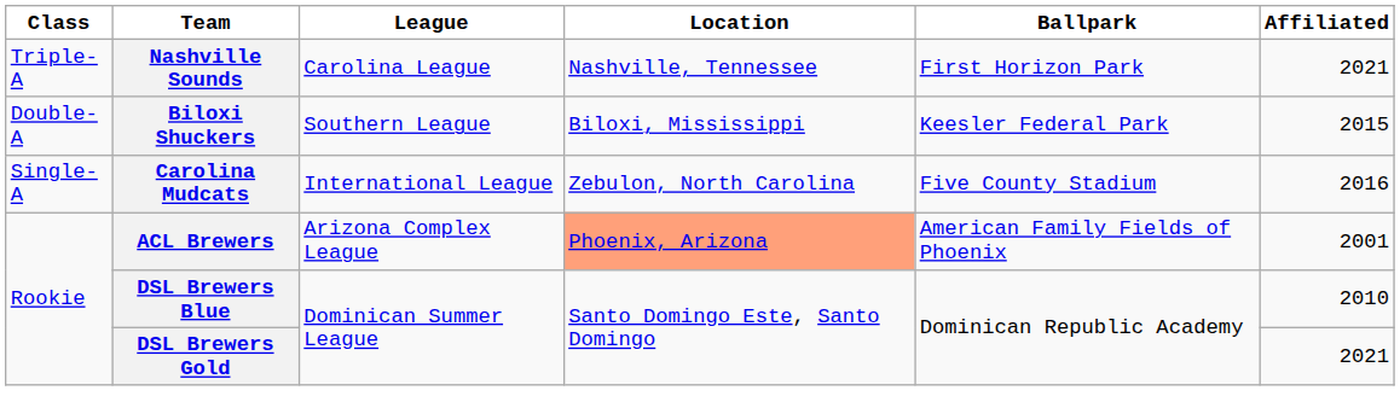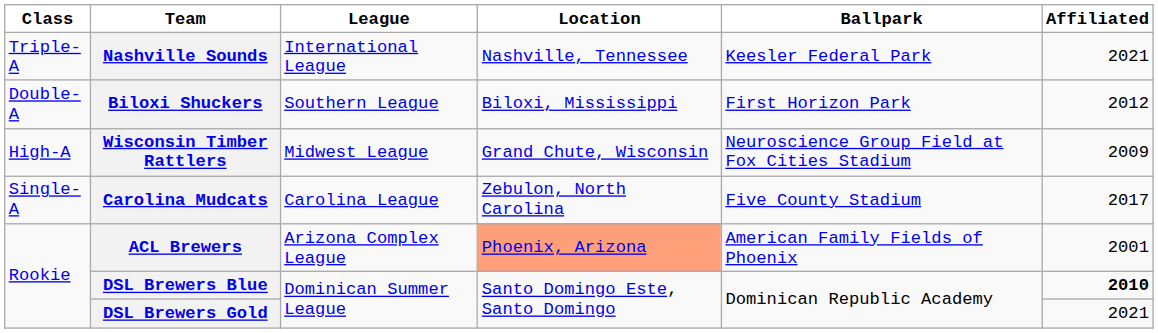 <table class="wikitable plainrowheaders sortable">
 <tr>
 <th scope="col" style="background-color:#ffffff; border-top:#">Class</th>
 <th scope="col" style="background-color:#ffffff; border-top:#">Team</th>
 <th scope="col" style="background-color:#ffffff; border-top:#">League</th>
 <th scope="col" style="background-color:#ffffff; border-top:#">Location</th>
 <th scope="col" style="background-color:#ffffff; border-top:#">Ballpark</th>
 <th scope="col" style="background-color:#ffffff; border-top:#">Affiliated</th>
 </tr>
 <tr>
 <td><a href='#'>Triple-A</a></td>
 <th scope="row"><a href='#'>Nashville Sounds</a></th>
-<td><a href='#'>Carolina League</a></td>
+<td><a href='#'>International League</a></td>
 <td><a href='#'>Nashville, Tennessee</a></td>
-<td><a href='#'>First Horizon Park</a></td>
+<td><a href='#'>Keesler Federal Park</a></td>
 <td align="right">2021</td>
 </tr>
 <tr>
 <td><a href='#'>Double-A</a></td>
 <th scope="row"><a href='#'>Biloxi Shuckers</a></th>
 <td><a href='#'>Southern League</a></td>
 <td><a href='#'>Biloxi, Mississippi</a></td>
-<td><a href='#'>Keesler Federal Park</a></td>
-<td align="right">2015</td>
+<td><a href='#'>First Horizon Park</a></td>
+<td align="right">2012</td>
+</tr>
+<tr>
+<td><a href='#'>High-A</a></td>
+<th scope="row"><a href='#'>Wisconsin Timber Rattlers</a></th>
+<td><a href='#'>Midwest League</a></td>
+<td><a href='#'>Grand Chute, Wisconsin</a></td>
+<td><a href='#'>Neuroscience Group Field at Fox Cities Stadium</a></td>
+<td align="right">2009</td>
 </tr>
 <tr>
 <td><a href='#'>Single-A</a></td>
 <th scope="row"><a href='#'>Carolina Mudcats</a></th>
-<td><a href='#'>International League</a></td>
+<td><a href='#'>Carolina League</a></td>
 <td><a href='#'>Zebulon, North Carolina</a></td>
 <td><a href='#'>Five County Stadium</a></td>
-<td align="right">2016</td>
+<td align="right">2017</td>
 </tr>
 <tr>
 <td rowspan=3><a href='#'>Rookie</a></td>
 <th scope="row"><a href='#'>ACL Brewers</a></th>
 <td><a href='#'>Arizona Complex League</a></td>
 <td style="background: lightsalmon;"><a href='#'>Phoenix, Arizona</a></td>
 <td><a href='#'>American Family Fields of Phoenix</a></td>
 <td align="right">2001</td>
 </tr>
 <tr>
 <th scope="row"><a href='#'>DSL Brewers Blue</a></th>
 <td rowspan=2><a href='#'>Dominican Summer League</a></td>
 <td rowspan=2><a href='#'>Santo Domingo Este</a>, <a href='#'>Santo Domingo</a></td>
 <td rowspan=2>Dominican Republic Academy</td>
-<td align="right">2010</td>
+<td align="right"><strong>2010</strong></td>
 </tr>
 <tr>
 <th scope="row"><a href='#'>DSL Brewers Gold</a></th>
 <td align="right">2021</td>
 </tr>
 </table>
